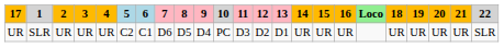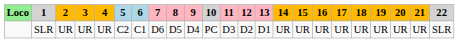 <table class="wikitable plainrowheaders unsortable" style="text-align:center">
 <tr>
-<th style="background:#FFBA01;">17</th>
+<th style="background:lightgreen;">Loco</th>
 <th style="background:lightgrey;">1</th>
 <th style="background:#FFBA01;">2</th>
 <th style="background:#FFBA01;">3</th>
 <th style="background:#FFBA01;">4</th>
 <th style="background:lightblue;">5</th>
 <th style="background:lightblue;">6</th>
 <th style="background:lightpink;">7</th>
 <th style="background:lightpink;">8</th>
 <th style="background:lightpink;">9</th>
 <th style="background:lightgrey;">10</th>
 <th style="background:lightpink;">11</th>
 <th style="background:lightpink;">12</th>
 <th style="background:lightpink;">13</th>
 <th style="background:#FFBA01;">14</th>
 <th style="background:#FFBA01;">15</th>
 <th style="background:#FFBA01;">16</th>
-<th style="background:lightgreen;">Loco</th>
+<th style="background:#FFBA01;">17</th>
 <th style="background:#FFBA01;">18</th>
 <th style="background:#FFBA01;">19</th>
 <th style="background:#FFBA01;">20</th>
 <th style="background:#FFBA01;">21</th>
 <th style="background:lightgrey;">22</th>
 </tr>
 <tr>
-<td>UR</td>
+<td></td>
 <td>SLR</td>
 <td>UR</td>
 <td>UR</td>
 <td>UR</td>
 <td>C2</td>
 <td>C1</td>
 <td>D6</td>
 <td>D5</td>
 <td>D4</td>
 <td>PC</td>
 <td>D3</td>
 <td>D2</td>
 <td>D1</td>
 <td>UR</td>
 <td>UR</td>
 <td>UR</td>
-<td></td>
+<td>UR</td>
 <td>UR</td>
 <td>UR</td>
 <td>UR</td>
 <td>UR</td>
 <td>SLR</td>
 </tr>
 </table>
